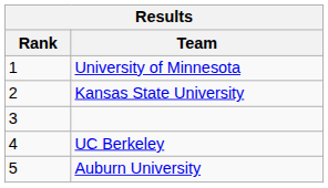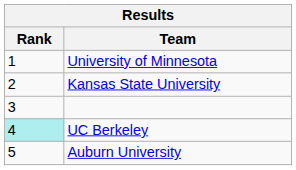 <table class="wikitable collapsible collapsed" style="min-width:20em;">
 <tr>
 <th colspan=2>Results</th>
 </tr>
 <tr>
 <th>Rank</th>
 <th>Team</th>
 </tr>
 <tr>
 <td>1</td>
 <td><a href='#'>University of Minnesota</a></td>
 </tr>
 <tr>
 <td>2</td>
 <td><a href='#'>Kansas State University</a></td>
 </tr>
 <tr>
 <td>3</td>
 <td></td>
 </tr>
 <tr>
-<td>4</td>
+<td style="background: paleturquoise;">4</td>
 <td><a href='#'>UC Berkeley</a></td>
 </tr>
 <tr>
 <td>5</td>
 <td><a href='#'>Auburn University</a></td>
 </tr>
 </table>
